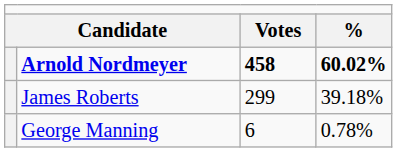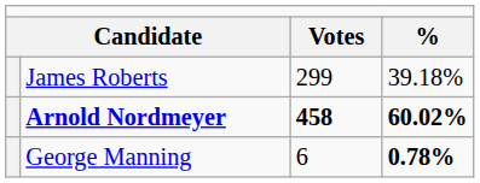 <table class="wikitable" style="font-size: 95%;">
 <tr>
 <td colspan=4></td>
 </tr>
 <tr style="background-color:#E9E9E9">
 <th colspan="2" style="width: 170px">Candidate</th>
 <th style="width: 50px">Votes</th>
 <th style="width: 40px">%</th>
 </tr>
 <tr>
 <th style="background-color: "></th>
+<td><a href='#'>James Roberts</a></td>
+<td>299</td>
+<td>39.18%</td>
+</tr>
+<tr>
+<th style="background-color: "></th>
 <td><strong><a href='#'>Arnold Nordmeyer</a></strong></td>
 <td><strong>458</strong></td>
 <td><strong>60.02%</strong></td>
 </tr>
 <tr>
 <th style="background-color: "></th>
-<td><a href='#'>James Roberts</a></td>
-<td>299</td>
-<td>39.18%</td>
-</tr>
-<tr>
-<th style="background-color: "></th>
 <td><a href='#'>George Manning</a></td>
 <td>6</td>
-<td>0.78%</td>
+<td><strong>0.78%</strong></td>
 </tr>
 </table>
